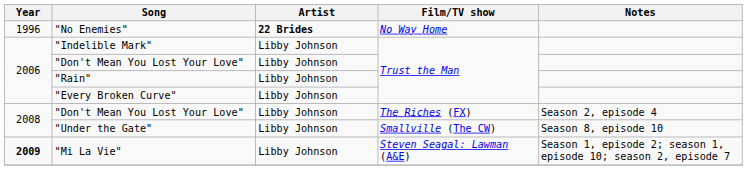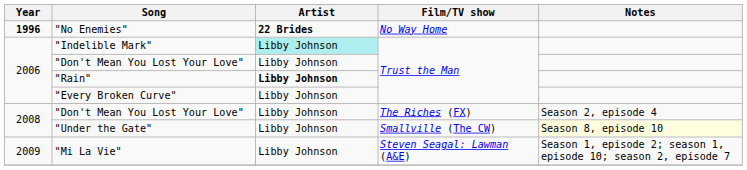 <table class="wikitable">
 <tr>
 <th style="width:55px;">Year</th>
 <th style="width:255px;">Song</th>
 <th style="width:150px;">Artist</th>
 <th style="width:200px;">Film/TV show</th>
 <th style="width:255px;">Notes</th>
 </tr>
 <tr>
-<td rowspan=1 style="text-align:center;">1996</td>
+<td rowspan=1 style="text-align:center;"><strong>1996</strong></td>
 <td>"No Enemies"</td>
 <td><strong>22 Brides</strong></td>
 <td><em><a href='#'>No Way Home</a></em></td>
 <td></td>
 </tr>
 <tr>
 <td rowspan=4 style="text-align:center;">2006</td>
 <td>"Indelible Mark"</td>
-<td>Libby Johnson</td>
+<td style="background: paleturquoise;">Libby Johnson</td>
 <td rowspan=4><em><a href='#'>Trust the Man</a></em></td>
 <td></td>
 </tr>
 <tr>
 <td>"Don't Mean You Lost Your Love"</td>
 <td>Libby Johnson</td>
 <td></td>
 </tr>
 <tr>
 <td>"Rain"</td>
-<td>Libby Johnson</td>
+<td><strong>Libby Johnson</strong></td>
 <td></td>
 </tr>
 <tr>
 <td>"Every Broken Curve"</td>
 <td>Libby Johnson</td>
 <td></td>
 </tr>
 <tr>
 <td rowspan=2 style="text-align:center;">2008</td>
 <td>"Don't Mean You Lost Your Love"</td>
 <td>Libby Johnson</td>
 <td><em><a href='#'>The Riches</a></em> (<a href='#'>FX</a>)</td>
 <td>Season 2, episode 4</td>
 </tr>
 <tr>
 <td>"Under the Gate"</td>
 <td>Libby Johnson</td>
 <td><em><a href='#'>Smallville</a></em> (<a href='#'>The CW</a>)</td>
-<td>Season 8, episode 10</td>
+<td style="background: lightyellow;">Season 8, episode 10</td>
 </tr>
 <tr>
-<td rowspan=1 style="text-align:center;"><strong>2009</strong></td>
+<td rowspan=1 style="text-align:center;">2009</td>
 <td>"Mi La Vie"</td>
 <td>Libby Johnson</td>
 <td><em><a href='#'>Steven Seagal: Lawman</a></em> (<a href='#'>A&E</a>)</td>
 <td>Season 1, episode 2; season 1, episode 10; season 2, episode 7</td>
 </tr>
 <tr>
 </tr>
 </table>
